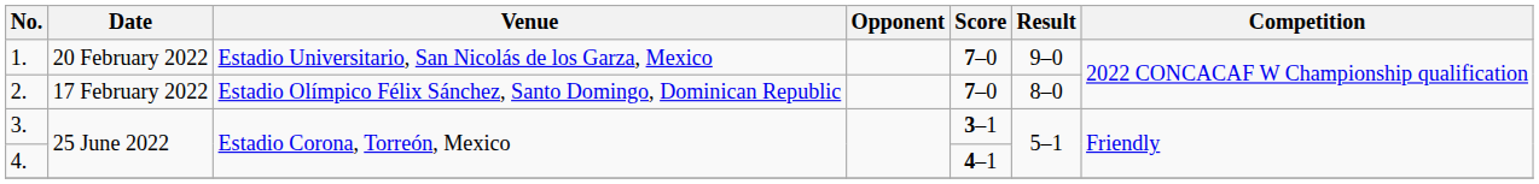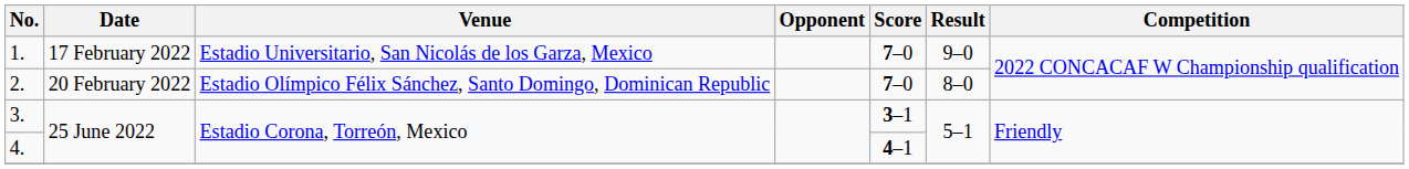 <table class="wikitable">
 <tr>
 <th>No.</th>
 <th>Date</th>
 <th>Venue</th>
 <th>Opponent</th>
 <th>Score</th>
 <th>Result</th>
 <th>Competition</th>
 </tr>
 <tr>
 <td>1.</td>
-<td>20 February 2022</td>
+<td>17 February 2022</td>
 <td><a href='#'>Estadio Universitario</a>, <a href='#'>San Nicolás de los Garza</a>, <a href='#'>Mexico</a></td>
 <td></td>
 <td align=center><strong>7</strong>–0</td>
 <td align=center>9–0</td>
 <td rowspan=2><a href='#'>2022 CONCACAF W Championship qualification</a></td>
 </tr>
 <tr>
 <td>2.</td>
-<td>17 February 2022</td>
+<td>20 February 2022</td>
 <td><a href='#'>Estadio Olímpico Félix Sánchez</a>, <a href='#'>Santo Domingo</a>, <a href='#'>Dominican Republic</a></td>
 <td></td>
 <td align=center><strong>7</strong>–0</td>
 <td align=center>8–0</td>
 </tr>
 <tr>
 <td>3.</td>
 <td rowspan=2>25 June 2022</td>
 <td rowspan=2><a href='#'>Estadio Corona</a>, <a href='#'>Torreón</a>, Mexico</td>
 <td rowspan=2></td>
 <td align=center><strong>3</strong>–1</td>
 <td rowspan=2 align=center>5–1</td>
 <td rowspan=2><a href='#'>Friendly</a></td>
 </tr>
 <tr>
 <td>4.</td>
 <td align=center><strong>4</strong>–1</td>
 </tr>
 <tr>
 </tr>
 </table>
